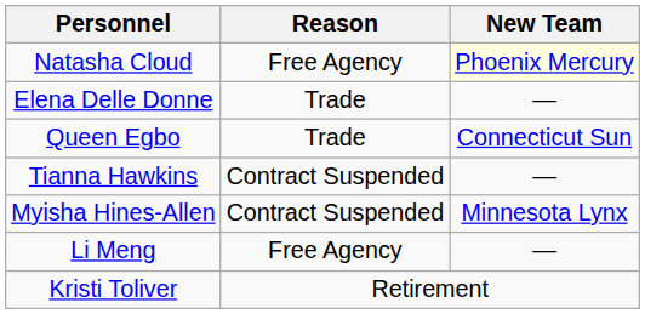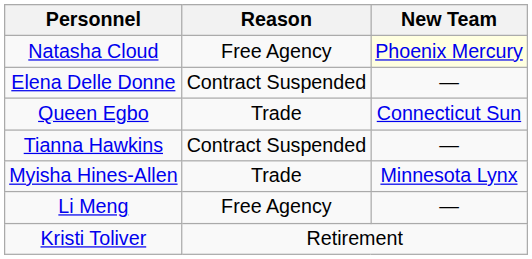 <table class="wikitable" style="text-align: center">
 <tr align="center"  bgcolor="#dddddd">
 <th><strong>Personnel</strong></th>
 <th><strong>Reason</strong></th>
 <th><strong>New Team</strong></th>
 </tr>
 <tr>
 <td><a href='#'>Natasha Cloud</a></td>
 <td>Free Agency</td>
 <td style="background: lightyellow;"><a href='#'>Phoenix Mercury</a></td>
 </tr>
 <tr>
 <td><a href='#'>Elena Delle Donne</a></td>
-<td>Trade</td>
+<td>Contract Suspended</td>
 <td>—</td>
 </tr>
 <tr>
 <td><a href='#'>Queen Egbo</a></td>
 <td>Trade</td>
 <td><a href='#'>Connecticut Sun</a></td>
 </tr>
 <tr>
 <td><a href='#'>Tianna Hawkins</a></td>
 <td>Contract Suspended</td>
 <td>—</td>
 </tr>
 <tr>
 <td><a href='#'>Myisha Hines-Allen</a></td>
-<td>Contract Suspended</td>
+<td>Trade</td>
 <td><a href='#'>Minnesota Lynx</a></td>
 </tr>
 <tr>
 <td><a href='#'>Li Meng</a></td>
 <td>Free Agency</td>
 <td>—</td>
 </tr>
 <tr>
 <td><a href='#'>Kristi Toliver</a></td>
 <td colspan=2>Retirement</td>
 </tr>
 </table>
